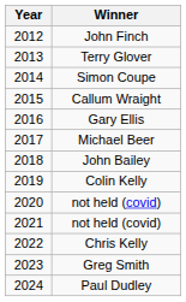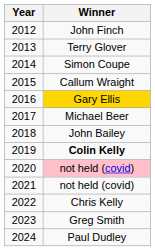 <table class="wikitable" style="text-align:center">
 <tr>
 <th width=50>Year</th>
 <th width=150>Winner</th>
 </tr>
 <tr>
 <td>2012</td>
 <td>John Finch</td>
 </tr>
 <tr>
 <td>2013</td>
 <td>Terry Glover</td>
 </tr>
 <tr>
 <td>2014</td>
 <td>Simon Coupe</td>
 </tr>
 <tr>
 <td>2015</td>
 <td>Callum Wraight</td>
 </tr>
 <tr>
 <td>2016</td>
-<td>Gary Ellis</td>
+<td style="background: gold;">Gary Ellis</td>
 </tr>
 <tr>
 <td>2017</td>
 <td>Michael Beer</td>
 </tr>
 <tr>
 <td>2018</td>
 <td>John Bailey</td>
 </tr>
 <tr>
 <td>2019</td>
-<td>Colin Kelly</td>
+<td><strong>Colin Kelly</strong></td>
 </tr>
 <tr>
 <td>2020</td>
-<td>not held (<a href='#'>covid</a>)</td>
+<td style="background: pink;">not held (<a href='#'>covid</a>)</td>
 </tr>
 <tr>
 <td>2021</td>
 <td>not held (covid)</td>
 </tr>
 <tr>
 <td>2022</td>
 <td>Chris Kelly</td>
 </tr>
 <tr>
 <td>2023</td>
 <td>Greg Smith</td>
 </tr>
 <tr>
 <td>2024</td>
 <td>Paul Dudley</td>
 </tr>
 </table>
